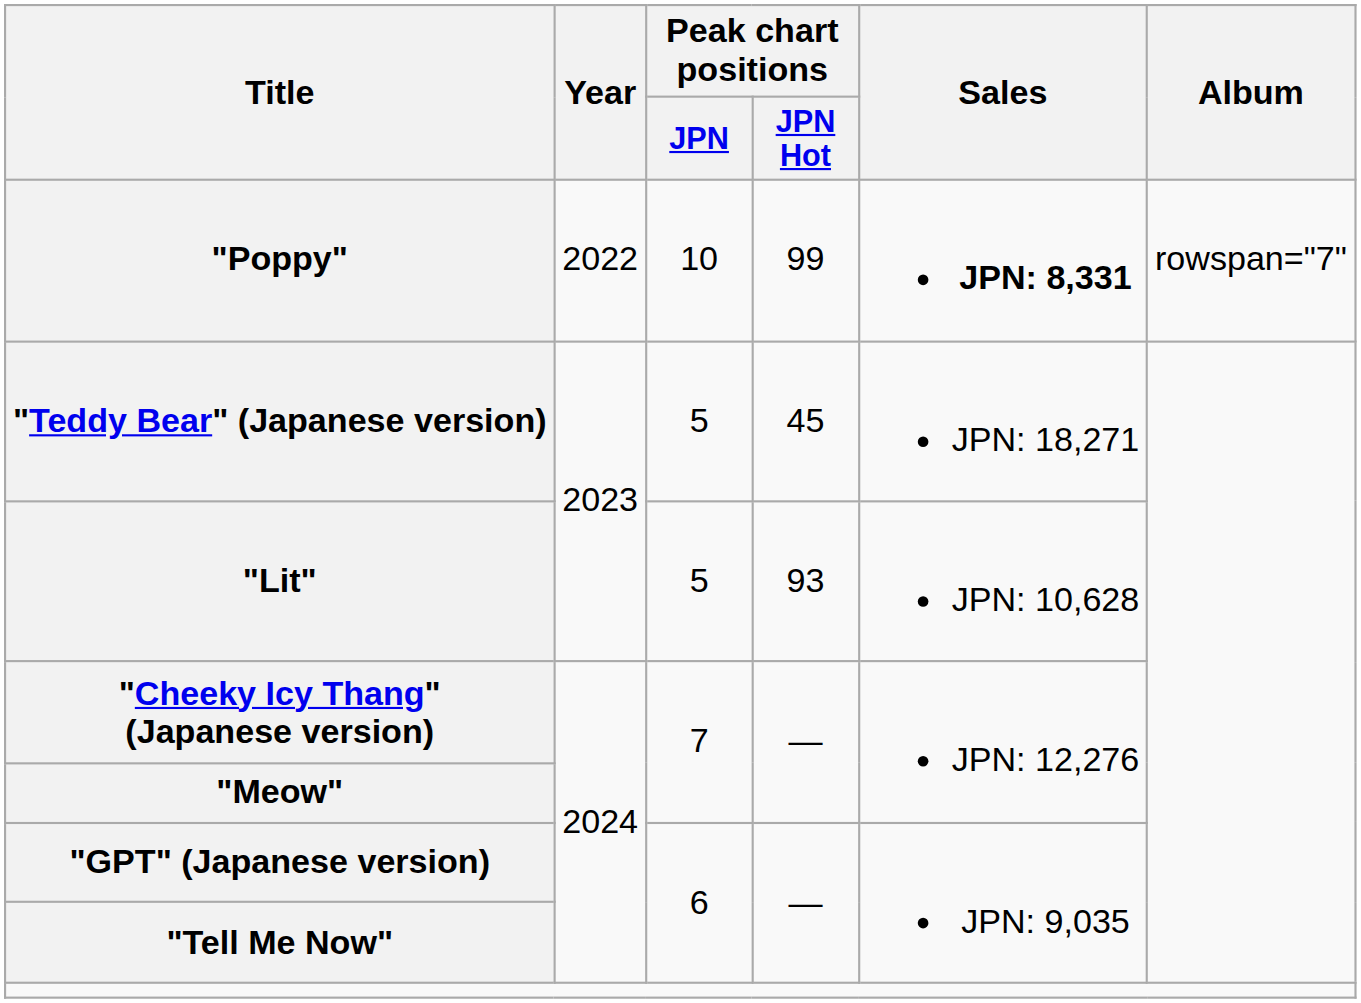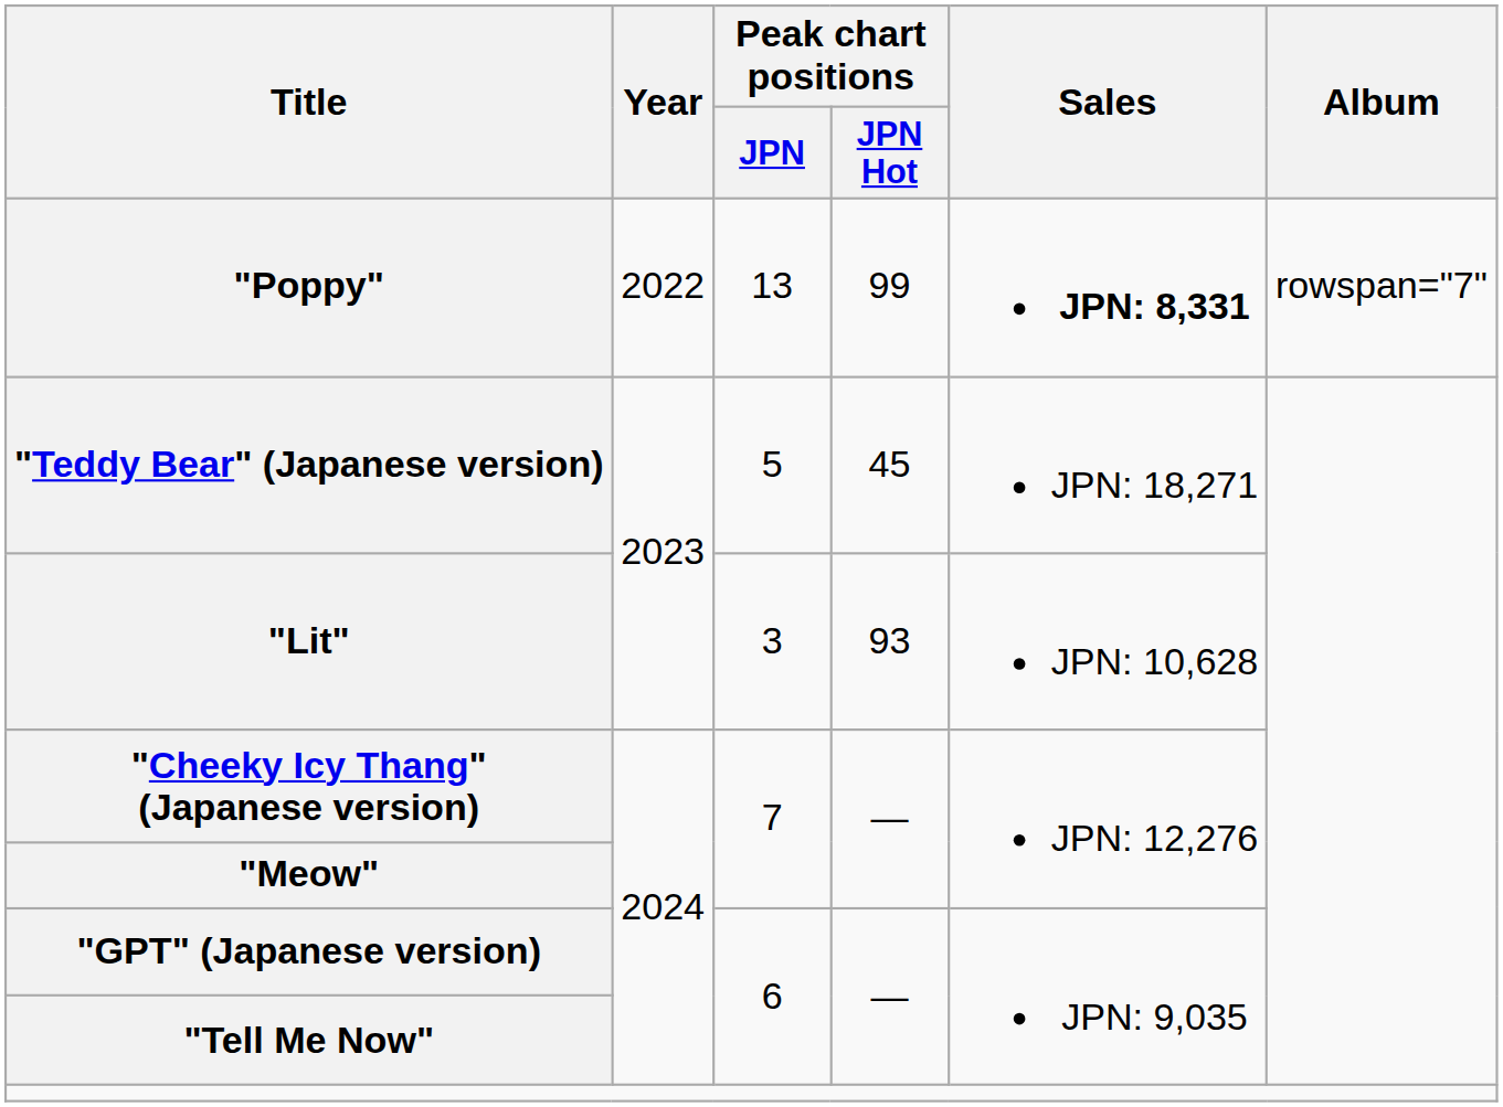 <table class="wikitable plainrowheaders" style="text-align:center">
 <tr>
 <th scope="col" rowspan="2">Title</th>
 <th scope="col" rowspan="2">Year</th>
 <th scope="col" colspan="2">Peak chart positions</th>
 <th scope="col" rowspan="2">Sales</th>
 <th scope="col" rowspan="2">Album</th>
 </tr>
 <tr>
 <th scope="col" style="font-size:90%; width:3em"><a href='#'>JPN</a><br></th>
 <th scope="col" style="font-size:90%; width:3em"><a href='#'>JPN<br>Hot</a><br></th>
 </tr>
 <tr>
 <th scope="row">"Poppy"</th>
 <td>2022</td>
-<td>10</td>
+<td>13</td>
 <td>99</td>
 <td><strong><br><ul><li>JPN: 8,331 </li></ul></strong></td>
 <td>rowspan="7" </td>
 </tr>
 <tr>
 <th scope="row">"<a href='#'>Teddy Bear</a>" (Japanese version)</th>
 <td rowspan="2">2023</td>
 <td>5</td>
 <td>45</td>
 <td><br><ul><li>JPN: 18,271 </li></ul></td>
 </tr>
 <tr>
 <th scope="row">"Lit"</th>
-<td>5</td>
+<td>3</td>
 <td>93</td>
 <td><br><ul><li>JPN: 10,628 </li></ul></td>
 </tr>
 <tr>
 <th scope="row">"<a href='#'>Cheeky Icy Thang</a>"<br>(Japanese version)</th>
 <td rowspan="4">2024</td>
 <td rowspan="2">7</td>
 <td rowspan="2">—</td>
 <td rowspan="2"><br><ul><li>JPN: 12,276 </li></ul></td>
 </tr>
 <tr>
 <th scope="row">"Meow"</th>
 </tr>
 <tr>
 <th scope="row">"GPT" (Japanese version)</th>
 <td rowspan="2">6</td>
 <td rowspan="2">—</td>
 <td rowspan="2"><br><ul><li>JPN: 9,035 </li></ul></td>
 </tr>
 <tr>
 <th scope="row">"Tell Me Now"</th>
 </tr>
 <tr>
 <td colspan="6"></td>
 </tr>
 </table>
